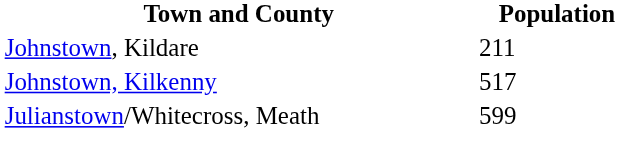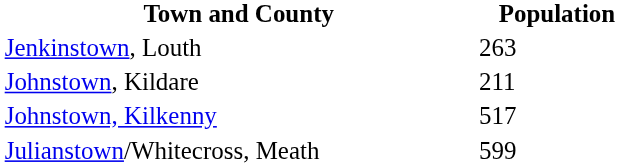 <table>
 <tr>
 <th style="width:300px;align:left;">Town and County</th>
 <th style="width:100px;align:right;">Population</th>
+</tr>
+<tr>
+<td><a href='#'>Jenkinstown</a>, Louth</td>
+<td>263</td>
 </tr>
 <tr>
 <td><a href='#'>Johnstown</a>, Kildare</td>
 <td>211</td>
 </tr>
 <tr>
 <td><a href='#'>Johnstown, Kilkenny</a></td>
 <td>517</td>
 </tr>
 <tr>
 <td><a href='#'>Julianstown</a>/Whitecross, Meath</td>
 <td>599</td>
 </tr>
 </table>
